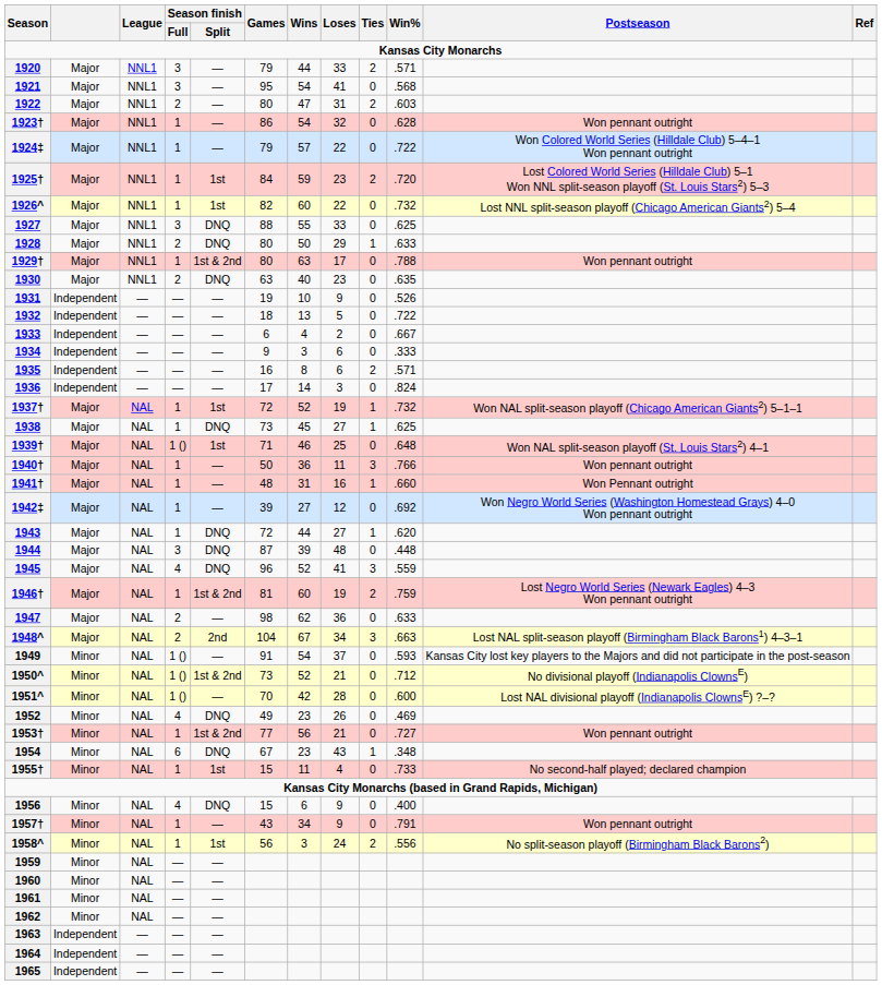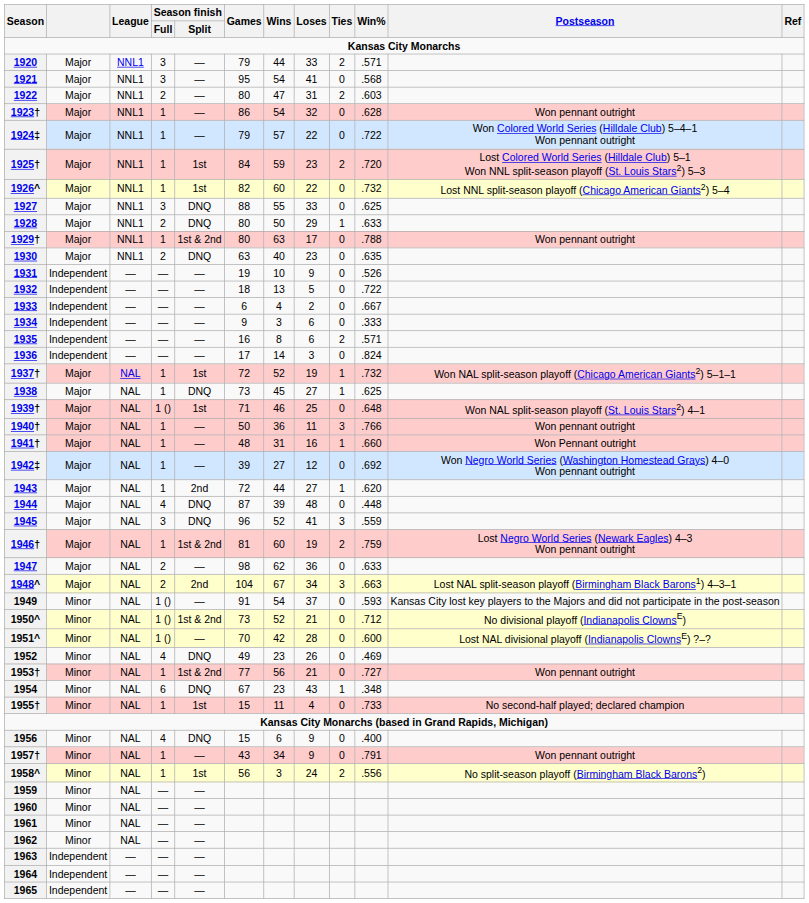 <table class="wikitable sortable" style="text-align:center; font-size:95%">
 <tr>
 <th rowspan="2">Season</th>
 <th rowspan="2"></th>
 <th rowspan="2">League</th>
 <th colspan="2">Season finish</th>
 <th rowspan="2">Games</th>
 <th rowspan="2">Wins</th>
 <th rowspan="2">Loses</th>
 <th rowspan="2">Ties</th>
 <th rowspan="2">Win%</th>
 <th rowspan="2"><a href='#'>Postseason</a></th>
 <th rowspan="2">Ref</th>
 </tr>
 <tr>
 <th>Full</th>
 <th>Split</th>
 </tr>
 <tr>
 <td colspan="12"><strong>Kansas City Monarchs</strong></td>
 </tr>
 <tr>
 <th scope="row"><a href='#'>1920</a></th>
 <td>Major</td>
 <td><a href='#'>NNL1</a></td>
 <td>3</td>
 <td>—</td>
 <td>79</td>
 <td>44</td>
 <td>33</td>
 <td>2</td>
 <td>.571</td>
 <td></td>
 <td></td>
 </tr>
 <tr>
 <th scope="row"><a href='#'>1921</a></th>
 <td>Major</td>
 <td>NNL1</td>
 <td>3</td>
 <td>—</td>
 <td>95</td>
 <td>54</td>
 <td>41</td>
 <td>0</td>
 <td>.568</td>
 <td></td>
 <td></td>
 </tr>
 <tr>
 <th scope="row"><a href='#'>1922</a></th>
 <td>Major</td>
 <td>NNL1</td>
 <td>2</td>
 <td>—</td>
 <td>80</td>
 <td>47</td>
 <td>31</td>
 <td>2</td>
 <td>.603</td>
 <td></td>
 <td></td>
 </tr>
 <tr bgcolor="#FFCCCC">
 <th scope="row"><a href='#'>1923</a>†</th>
 <td>Major</td>
 <td>NNL1</td>
 <td>1</td>
 <td>—</td>
 <td>86</td>
 <td>54</td>
 <td>32</td>
 <td>0</td>
 <td>.628</td>
 <td>Won pennant outright</td>
 <td></td>
 </tr>
 <tr bgcolor="#D0E7FF">
 <th scope="row"><a href='#'>1924</a>‡</th>
 <td>Major</td>
 <td>NNL1</td>
 <td>1</td>
 <td>—</td>
 <td>79</td>
 <td>57</td>
 <td>22</td>
 <td>0</td>
 <td>.722</td>
 <td>Won <a href='#'>Colored World Series</a> (<a href='#'>Hilldale Club</a>) 5–4–1<br>Won pennant outright</td>
 <td></td>
 </tr>
 <tr bgcolor="#FFCCCC">
 <th scope="row"><a href='#'>1925</a>†</th>
 <td>Major</td>
 <td>NNL1</td>
 <td>1</td>
 <td>1st</td>
 <td>84</td>
 <td>59</td>
 <td>23</td>
 <td>2</td>
 <td>.720</td>
 <td>Lost <a href='#'>Colored World Series</a> (<a href='#'>Hilldale Club</a>) 5–1<br>Won NNL split-season playoff (<a href='#'>St. Louis Stars</a><sup>2</sup>) 5–3</td>
 <td></td>
 </tr>
 <tr bgcolor="#FFFFCC">
 <th scope="row"><a href='#'>1926</a>^</th>
 <td>Major</td>
 <td>NNL1</td>
 <td>1</td>
 <td>1st</td>
 <td>82</td>
 <td>60</td>
 <td>22</td>
 <td>0</td>
 <td>.732</td>
 <td>Lost NNL split-season playoff (<a href='#'>Chicago American Giants</a><sup>2</sup>) 5–4</td>
 <td></td>
 </tr>
 <tr>
 <th scope="row"><a href='#'>1927</a></th>
 <td>Major</td>
 <td>NNL1</td>
 <td>3</td>
 <td>DNQ</td>
 <td>88</td>
 <td>55</td>
 <td>33</td>
 <td>0</td>
 <td>.625</td>
 <td></td>
 <td></td>
 </tr>
 <tr>
 <th scope="row"><a href='#'>1928</a></th>
 <td>Major</td>
 <td>NNL1</td>
 <td>2</td>
 <td>DNQ</td>
 <td>80</td>
 <td>50</td>
 <td>29</td>
 <td>1</td>
 <td>.633</td>
 <td></td>
 <td></td>
 </tr>
 <tr bgcolor="#FFCCCC">
 <th scope="row"><a href='#'>1929</a>†</th>
 <td>Major</td>
 <td>NNL1</td>
 <td>1</td>
 <td>1st & 2nd</td>
 <td>80</td>
 <td>63</td>
 <td>17</td>
 <td>0</td>
 <td>.788</td>
 <td>Won pennant outright</td>
 <td></td>
 </tr>
 <tr>
 <th scope="row"><a href='#'>1930</a></th>
 <td>Major</td>
 <td>NNL1</td>
 <td>2</td>
 <td>DNQ</td>
 <td>63</td>
 <td>40</td>
 <td>23</td>
 <td>0</td>
 <td>.635</td>
 <td></td>
 <td></td>
 </tr>
 <tr>
 <th scope="row"><a href='#'>1931</a></th>
 <td align="center">Independent</td>
 <td>—</td>
 <td>—</td>
 <td>—</td>
 <td>19</td>
 <td>10</td>
 <td>9</td>
 <td>0</td>
 <td>.526</td>
 <td></td>
 <td></td>
 </tr>
 <tr>
 <th scope="row"><a href='#'>1932</a></th>
 <td>Independent</td>
 <td>—</td>
 <td>—</td>
 <td>—</td>
 <td>18</td>
 <td>13</td>
 <td>5</td>
 <td>0</td>
 <td>.722</td>
 <td></td>
 <td></td>
 </tr>
 <tr>
 <th scope="row"><a href='#'>1933</a></th>
 <td>Independent</td>
 <td>—</td>
 <td>—</td>
 <td>—</td>
 <td>6</td>
 <td>4</td>
 <td>2</td>
 <td>0</td>
 <td>.667</td>
 <td></td>
 <td></td>
 </tr>
 <tr>
 <th scope="row"><a href='#'>1934</a></th>
 <td>Independent</td>
 <td>—</td>
 <td>—</td>
 <td>—</td>
 <td>9</td>
 <td>3</td>
 <td>6</td>
 <td>0</td>
 <td>.333</td>
 <td></td>
 <td></td>
 </tr>
 <tr>
 <th scope="row"><a href='#'>1935</a></th>
 <td>Independent</td>
 <td>—</td>
 <td>—</td>
 <td>—</td>
 <td>16</td>
 <td>8</td>
 <td>6</td>
 <td>2</td>
 <td>.571</td>
 <td></td>
 <td></td>
 </tr>
 <tr>
 <th scope="row"><a href='#'>1936</a></th>
 <td>Independent</td>
 <td>—</td>
 <td>—</td>
 <td>—</td>
 <td>17</td>
 <td>14</td>
 <td>3</td>
 <td>0</td>
 <td>.824</td>
 <td></td>
 <td></td>
 </tr>
 <tr bgcolor="#FFCCCC">
 <th scope="row"><a href='#'>1937</a>†</th>
 <td>Major</td>
 <td><a href='#'>NAL</a></td>
 <td>1</td>
 <td>1st</td>
 <td>72</td>
 <td>52</td>
 <td>19</td>
 <td>1</td>
 <td>.732</td>
 <td>Won NAL split-season playoff (<a href='#'>Chicago American Giants</a><sup>2</sup>) 5–1–1</td>
 <td></td>
 </tr>
 <tr>
 <th scope="row"><a href='#'>1938</a></th>
 <td>Major</td>
 <td>NAL</td>
 <td>1</td>
 <td>DNQ</td>
 <td>73</td>
 <td>45</td>
 <td>27</td>
 <td>1</td>
 <td>.625</td>
 <td></td>
 <td></td>
 </tr>
 <tr bgcolor="#FFCCCC">
 <th scope="row"><a href='#'>1939</a>†</th>
 <td>Major</td>
 <td>NAL</td>
 <td>1 ()</td>
 <td>1st</td>
 <td>71</td>
 <td>46</td>
 <td>25</td>
 <td>0</td>
 <td>.648</td>
 <td>Won NAL split-season playoff (<a href='#'>St. Louis Stars</a><sup>2</sup>) 4–1</td>
 <td></td>
 </tr>
 <tr bgcolor="#FFCCCC">
 <th scope="row"><a href='#'>1940</a>†</th>
 <td>Major</td>
 <td>NAL</td>
 <td>1</td>
 <td>—</td>
 <td>50</td>
 <td>36</td>
 <td>11</td>
 <td>3</td>
 <td>.766</td>
 <td>Won pennant outright</td>
 <td></td>
 </tr>
 <tr bgcolor="#FFCCCC">
 <th scope="row"><a href='#'>1941</a>†</th>
 <td>Major</td>
 <td>NAL</td>
 <td>1</td>
 <td>—</td>
 <td>48</td>
 <td>31</td>
 <td>16</td>
 <td>1</td>
 <td>.660</td>
 <td>Won Pennant outright</td>
 <td></td>
 </tr>
 <tr bgcolor="#D0E7FF">
 <th scope="row"><a href='#'>1942</a>‡</th>
 <td>Major</td>
 <td>NAL</td>
 <td>1</td>
 <td>—</td>
 <td>39</td>
 <td>27</td>
 <td>12</td>
 <td>0</td>
 <td>.692</td>
 <td>Won <a href='#'>Negro World Series</a> (<a href='#'>Washington Homestead Grays</a>) 4–0<br>Won pennant outright</td>
 <td></td>
 </tr>
 <tr>
 <th scope="row"><a href='#'>1943</a></th>
 <td>Major</td>
 <td>NAL</td>
 <td>1</td>
-<td>DNQ</td>
+<td>2nd</td>
 <td>72</td>
 <td>44</td>
 <td>27</td>
 <td>1</td>
 <td>.620</td>
 <td></td>
 <td></td>
 </tr>
 <tr>
 <th scope="row"><a href='#'>1944</a></th>
 <td>Major</td>
 <td>NAL</td>
-<td>3</td>
+<td>4</td>
 <td>DNQ</td>
 <td>87</td>
 <td>39</td>
 <td>48</td>
 <td>0</td>
 <td>.448</td>
 <td></td>
 <td></td>
 </tr>
 <tr>
 <th scope="row"><a href='#'>1945</a></th>
 <td>Major</td>
 <td>NAL</td>
-<td>4</td>
+<td>3</td>
 <td>DNQ</td>
 <td>96</td>
 <td>52</td>
 <td>41</td>
 <td>3</td>
 <td>.559</td>
 <td></td>
 <td></td>
 </tr>
 <tr bgcolor="#FFCCCC">
 <th scope="row"><a href='#'>1946</a>†</th>
 <td>Major</td>
 <td>NAL</td>
 <td>1</td>
 <td>1st & 2nd</td>
 <td>81</td>
 <td>60</td>
 <td>19</td>
 <td>2</td>
 <td>.759</td>
 <td>Lost <a href='#'>Negro World Series</a> (<a href='#'>Newark Eagles</a>) 4–3<br>Won pennant outright</td>
 <td></td>
 </tr>
 <tr>
 <th scope="row"><a href='#'>1947</a></th>
 <td>Major</td>
 <td>NAL</td>
 <td>2</td>
 <td>—</td>
 <td>98</td>
 <td>62</td>
 <td>36</td>
 <td>0</td>
 <td>.633</td>
 <td></td>
 <td></td>
 </tr>
 <tr bgcolor="#FFFFCC">
 <th scope="row"><a href='#'>1948</a>^</th>
 <td>Major</td>
 <td>NAL</td>
 <td>2</td>
 <td>2nd</td>
 <td>104</td>
 <td>67</td>
 <td>34</td>
 <td>3</td>
 <td>.663</td>
 <td>Lost NAL split-season playoff (<a href='#'>Birmingham Black Barons</a><sup>1</sup>) 4–3–1</td>
 <td></td>
 </tr>
 <tr>
 <th>1949</th>
 <td>Minor</td>
 <td>NAL</td>
 <td>1 ()</td>
 <td>—</td>
 <td>91</td>
 <td>54</td>
 <td>37</td>
 <td>0</td>
 <td>.593</td>
 <td>Kansas City lost key players to the Majors and did not participate in the post-season</td>
 <td></td>
 </tr>
 <tr bgcolor="#FFFFCC">
 <th>1950^</th>
 <td>Minor</td>
 <td>NAL</td>
 <td>1 ()</td>
 <td>1st & 2nd</td>
 <td>73</td>
 <td>52</td>
 <td>21</td>
 <td>0</td>
 <td>.712</td>
 <td>No divisional playoff (<a href='#'>Indianapolis Clowns</a><sup>E</sup>)</td>
 <td></td>
 </tr>
 <tr bgcolor="#FFFFCC">
 <th>1951^</th>
 <td>Minor</td>
 <td>NAL</td>
 <td>1 ()</td>
 <td>—</td>
 <td>70</td>
 <td>42</td>
 <td>28</td>
 <td>0</td>
 <td>.600</td>
 <td>Lost NAL divisional playoff (<a href='#'>Indianapolis Clowns</a><sup>E</sup>) ?–?</td>
 <td></td>
 </tr>
 <tr>
 <th>1952</th>
 <td>Minor</td>
 <td>NAL</td>
 <td>4</td>
 <td>DNQ</td>
 <td>49</td>
 <td>23</td>
 <td>26</td>
 <td>0</td>
 <td>.469</td>
 <td></td>
 <td></td>
 </tr>
 <tr bgcolor="#FFCCCC">
 <th>1953†</th>
 <td>Minor</td>
 <td>NAL</td>
 <td>1</td>
 <td>1st & 2nd</td>
 <td>77</td>
 <td>56</td>
 <td>21</td>
 <td>0</td>
 <td>.727</td>
 <td>Won pennant outright</td>
 <td></td>
 </tr>
 <tr>
 <th>1954</th>
 <td>Minor</td>
 <td>NAL</td>
 <td>6</td>
 <td>DNQ</td>
 <td>67</td>
 <td>23</td>
 <td>43</td>
 <td>1</td>
 <td>.348</td>
 <td></td>
 <td></td>
 </tr>
 <tr bgcolor="#FFCCCC">
 <th>1955†</th>
 <td>Minor</td>
 <td>NAL</td>
 <td>1</td>
 <td>1st</td>
 <td>15</td>
 <td>11</td>
 <td>4</td>
 <td>0</td>
 <td>.733</td>
 <td>No second-half played; declared champion</td>
 <td></td>
 </tr>
 <tr>
 <td colspan="12"><strong>Kansas City Monarchs (based in Grand Rapids, Michigan)</strong></td>
 </tr>
 <tr>
 <th>1956</th>
 <td>Minor</td>
 <td>NAL</td>
 <td>4</td>
 <td>DNQ</td>
 <td>15</td>
 <td>6</td>
 <td>9</td>
 <td>0</td>
 <td>.400</td>
 <td></td>
 <td></td>
 </tr>
 <tr bgcolor="#FFCCCC">
 <th>1957†</th>
 <td>Minor</td>
 <td>NAL</td>
 <td>1</td>
 <td>—</td>
 <td>43</td>
 <td>34</td>
 <td>9</td>
 <td>0</td>
 <td>.791</td>
 <td>Won pennant outright</td>
 <td></td>
 </tr>
 <tr bgcolor="#FFFFCC">
 <th>1958^</th>
 <td>Minor</td>
 <td>NAL</td>
 <td>1</td>
 <td>1st</td>
 <td>56</td>
 <td>3</td>
 <td>24</td>
 <td>2</td>
 <td>.556</td>
 <td>No split-season playoff (<a href='#'>Birmingham Black Barons</a><sup>2</sup>)</td>
 <td></td>
 </tr>
 <tr>
 <th>1959</th>
 <td>Minor</td>
 <td>NAL</td>
 <td>—</td>
 <td>—</td>
 <td></td>
 <td></td>
 <td></td>
 <td></td>
 <td></td>
 <td></td>
 <td></td>
 </tr>
 <tr>
 <th>1960</th>
 <td>Minor</td>
 <td>NAL</td>
 <td>—</td>
 <td>—</td>
 <td></td>
 <td></td>
 <td></td>
 <td></td>
 <td></td>
 <td></td>
 <td></td>
 </tr>
 <tr>
 <th>1961</th>
 <td>Minor</td>
 <td>NAL</td>
 <td>—</td>
 <td>—</td>
 <td></td>
 <td></td>
 <td></td>
 <td></td>
 <td></td>
 <td></td>
 <td></td>
 </tr>
 <tr>
 <th>1962</th>
 <td>Minor</td>
 <td>NAL</td>
 <td>—</td>
 <td>—</td>
 <td></td>
 <td></td>
 <td></td>
 <td></td>
 <td></td>
 <td></td>
 <td></td>
 </tr>
 <tr>
 <th>1963</th>
 <td>Independent</td>
 <td>—</td>
 <td>—</td>
 <td>—</td>
 <td></td>
 <td></td>
 <td></td>
 <td></td>
 <td></td>
 <td></td>
 <td></td>
 </tr>
 <tr>
 <th>1964</th>
 <td>Independent</td>
 <td>—</td>
 <td>—</td>
 <td>—</td>
 <td></td>
 <td></td>
 <td></td>
 <td></td>
 <td></td>
 <td></td>
 <td></td>
 </tr>
 <tr>
 <th>1965</th>
 <td>Independent</td>
 <td>—</td>
 <td>—</td>
 <td>—</td>
 <td></td>
 <td></td>
 <td></td>
 <td></td>
 <td></td>
 <td></td>
 <td></td>
 </tr>
 </table>
